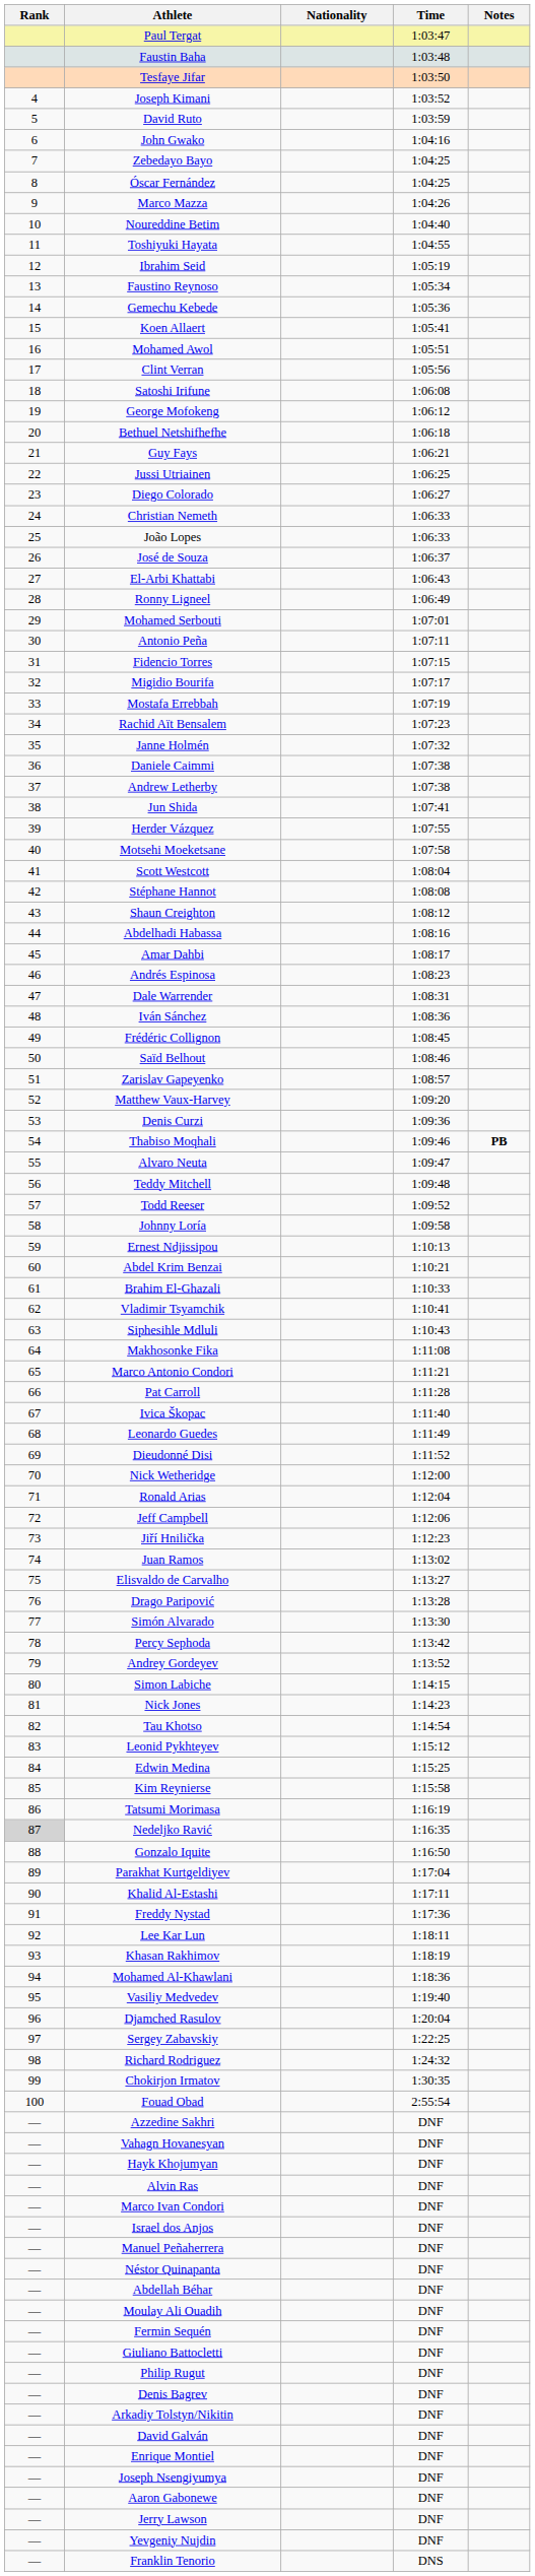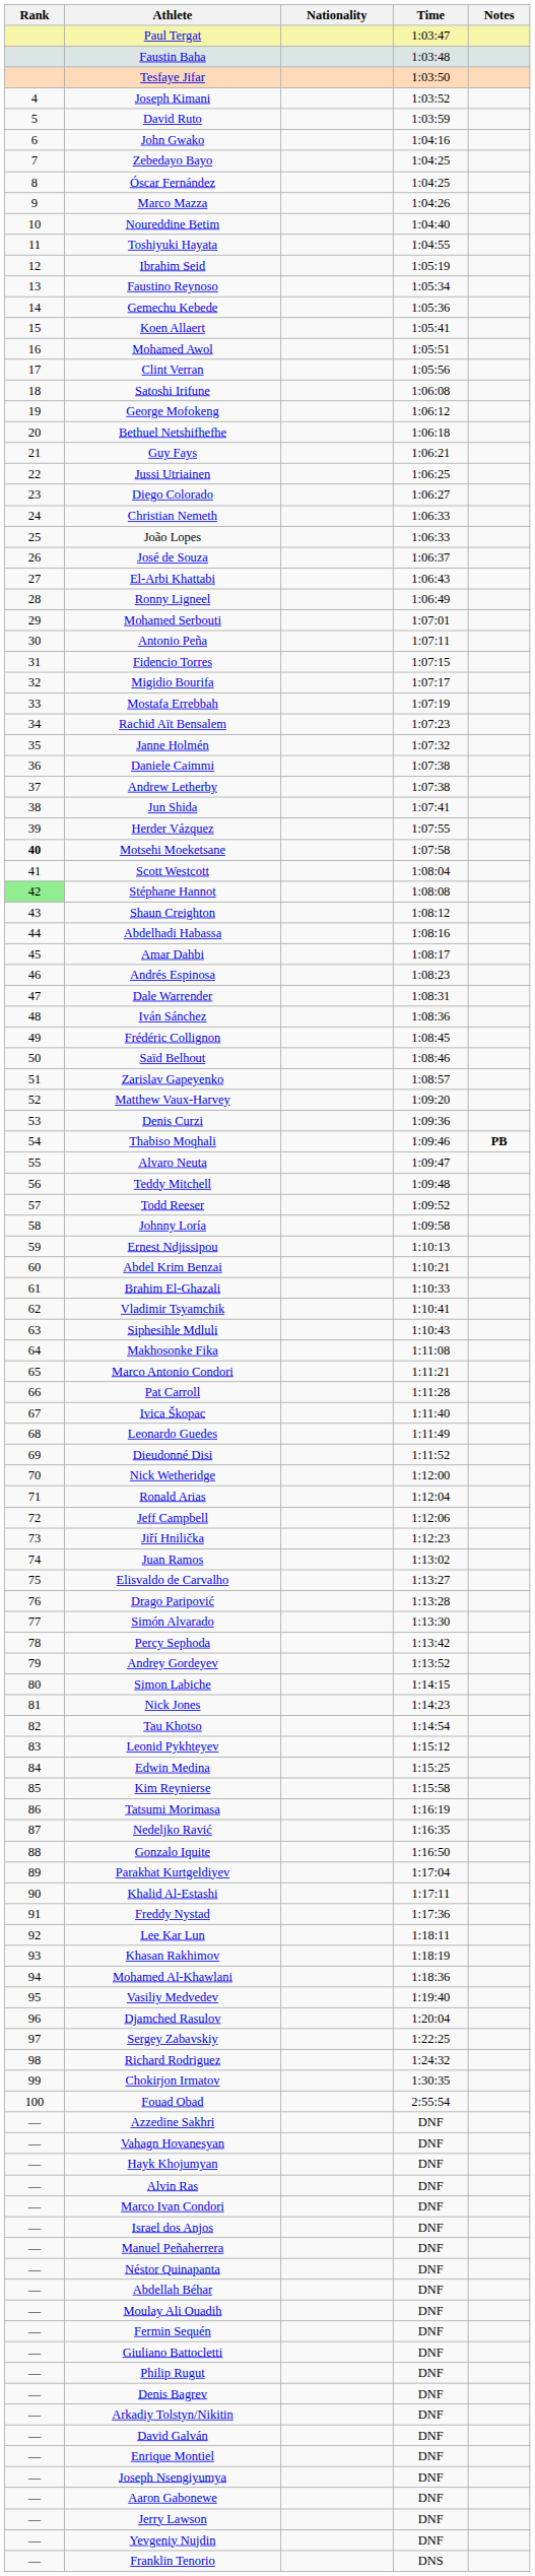 <table class="wikitable sortable" style=" text-align:center; font-size:95%;" width="50%">
 <tr>
 <th>Rank</th>
 <th>Athlete</th>
 <th>Nationality</th>
 <th>Time</th>
 <th>Notes</th>
 </tr>
 <tr bgcolor="#F7F6A8">
 <td align=center></td>
 <td><a href='#'>Paul Tergat</a></td>
 <td></td>
 <td>1:03:47</td>
 <td></td>
 </tr>
 <tr bgcolor="#DCE5E5">
 <td align=center></td>
 <td><a href='#'>Faustin Baha</a></td>
 <td></td>
 <td>1:03:48</td>
 <td></td>
 </tr>
 <tr bgcolor="#FFDAB9">
 <td align=center></td>
 <td><a href='#'>Tesfaye Jifar</a></td>
 <td></td>
 <td>1:03:50</td>
 <td></td>
 </tr>
 <tr>
 <td align=center>4</td>
 <td><a href='#'>Joseph Kimani</a></td>
 <td></td>
 <td>1:03:52</td>
 <td></td>
 </tr>
 <tr>
 <td align=center>5</td>
 <td><a href='#'>David Ruto</a></td>
 <td></td>
 <td>1:03:59</td>
 <td></td>
 </tr>
 <tr>
 <td align=center>6</td>
 <td><a href='#'>John Gwako</a></td>
 <td></td>
 <td>1:04:16</td>
 <td></td>
 </tr>
 <tr>
 <td align=center>7</td>
 <td><a href='#'>Zebedayo Bayo</a></td>
 <td></td>
 <td>1:04:25</td>
 <td></td>
 </tr>
 <tr>
 <td align=center>8</td>
 <td><a href='#'>Óscar Fernández</a></td>
 <td></td>
 <td>1:04:25</td>
 <td></td>
 </tr>
 <tr>
 <td align=center>9</td>
 <td><a href='#'>Marco Mazza</a></td>
 <td></td>
 <td>1:04:26</td>
 <td></td>
 </tr>
 <tr>
 <td align=center>10</td>
 <td><a href='#'>Noureddine Betim</a></td>
 <td></td>
 <td>1:04:40</td>
 <td></td>
 </tr>
 <tr>
 <td align=center>11</td>
 <td><a href='#'>Toshiyuki Hayata</a></td>
 <td></td>
 <td>1:04:55</td>
 <td></td>
 </tr>
 <tr>
 <td align=center>12</td>
 <td><a href='#'>Ibrahim Seid</a></td>
 <td></td>
 <td>1:05:19</td>
 <td></td>
 </tr>
 <tr>
 <td align=center>13</td>
 <td><a href='#'>Faustino Reynoso</a></td>
 <td></td>
 <td>1:05:34</td>
 <td></td>
 </tr>
 <tr>
 <td align=center>14</td>
 <td><a href='#'>Gemechu Kebede</a></td>
 <td></td>
 <td>1:05:36</td>
 <td></td>
 </tr>
 <tr>
 <td align=center>15</td>
 <td><a href='#'>Koen Allaert</a></td>
 <td></td>
 <td>1:05:41</td>
 <td></td>
 </tr>
 <tr>
 <td align=center>16</td>
 <td><a href='#'>Mohamed Awol</a></td>
 <td></td>
 <td>1:05:51</td>
 <td></td>
 </tr>
 <tr>
 <td align=center>17</td>
 <td><a href='#'>Clint Verran</a></td>
 <td></td>
 <td>1:05:56</td>
 <td></td>
 </tr>
 <tr>
 <td align=center>18</td>
 <td><a href='#'>Satoshi Irifune</a></td>
 <td></td>
 <td>1:06:08</td>
 <td></td>
 </tr>
 <tr>
 <td align=center>19</td>
 <td><a href='#'>George Mofokeng</a></td>
 <td></td>
 <td>1:06:12</td>
 <td></td>
 </tr>
 <tr>
 <td align=center>20</td>
 <td><a href='#'>Bethuel Netshifhefhe</a></td>
 <td></td>
 <td>1:06:18</td>
 <td></td>
 </tr>
 <tr>
 <td align=center>21</td>
 <td><a href='#'>Guy Fays</a></td>
 <td></td>
 <td>1:06:21</td>
 <td></td>
 </tr>
 <tr>
 <td align=center>22</td>
 <td><a href='#'>Jussi Utriainen</a></td>
 <td></td>
 <td>1:06:25</td>
 <td></td>
 </tr>
 <tr>
 <td align=center>23</td>
 <td><a href='#'>Diego Colorado</a></td>
 <td></td>
 <td>1:06:27</td>
 <td></td>
 </tr>
 <tr>
 <td align=center>24</td>
 <td><a href='#'>Christian Nemeth</a></td>
 <td></td>
 <td>1:06:33</td>
 <td></td>
 </tr>
 <tr>
 <td align=center>25</td>
 <td>João Lopes</td>
 <td></td>
 <td>1:06:33</td>
 <td></td>
 </tr>
 <tr>
 <td align=center>26</td>
 <td><a href='#'>José de Souza</a></td>
 <td></td>
 <td>1:06:37</td>
 <td></td>
 </tr>
 <tr>
 <td align=center>27</td>
 <td><a href='#'>El-Arbi Khattabi</a></td>
 <td></td>
 <td>1:06:43</td>
 <td></td>
 </tr>
 <tr>
 <td align=center>28</td>
 <td><a href='#'>Ronny Ligneel</a></td>
 <td></td>
 <td>1:06:49</td>
 <td></td>
 </tr>
 <tr>
 <td align=center>29</td>
 <td><a href='#'>Mohamed Serbouti</a></td>
 <td></td>
 <td>1:07:01</td>
 <td></td>
 </tr>
 <tr>
 <td align=center>30</td>
 <td><a href='#'>Antonio Peña</a></td>
 <td></td>
 <td>1:07:11</td>
 <td></td>
 </tr>
 <tr>
 <td align=center>31</td>
 <td><a href='#'>Fidencio Torres</a></td>
 <td></td>
 <td>1:07:15</td>
 <td></td>
 </tr>
 <tr>
 <td align=center>32</td>
 <td><a href='#'>Migidio Bourifa</a></td>
 <td></td>
 <td>1:07:17</td>
 <td></td>
 </tr>
 <tr>
 <td align=center>33</td>
 <td><a href='#'>Mostafa Errebbah</a></td>
 <td></td>
 <td>1:07:19</td>
 <td></td>
 </tr>
 <tr>
 <td align=center>34</td>
 <td><a href='#'>Rachid Aït Bensalem</a></td>
 <td></td>
 <td>1:07:23</td>
 <td></td>
 </tr>
 <tr>
 <td align=center>35</td>
 <td><a href='#'>Janne Holmén</a></td>
 <td></td>
 <td>1:07:32</td>
 <td></td>
 </tr>
 <tr>
 <td align=center>36</td>
 <td><a href='#'>Daniele Caimmi</a></td>
 <td></td>
 <td>1:07:38</td>
 <td></td>
 </tr>
 <tr>
 <td align=center>37</td>
 <td><a href='#'>Andrew Letherby</a></td>
 <td></td>
 <td>1:07:38</td>
 <td></td>
 </tr>
 <tr>
 <td align=center>38</td>
 <td><a href='#'>Jun Shida</a></td>
 <td></td>
 <td>1:07:41</td>
 <td></td>
 </tr>
 <tr>
 <td align=center>39</td>
 <td><a href='#'>Herder Vázquez</a></td>
 <td></td>
 <td>1:07:55</td>
 <td></td>
 </tr>
 <tr>
-<td align=center>40</td>
+<td align=center><strong>40</strong></td>
 <td><a href='#'>Motsehi Moeketsane</a></td>
 <td></td>
 <td>1:07:58</td>
 <td></td>
 </tr>
 <tr>
 <td align=center>41</td>
 <td><a href='#'>Scott Westcott</a></td>
 <td></td>
 <td>1:08:04</td>
 <td></td>
 </tr>
 <tr>
-<td align=center>42</td>
+<td align=center style="background: lightgreen;">42</td>
 <td><a href='#'>Stéphane Hannot</a></td>
 <td></td>
 <td>1:08:08</td>
 <td></td>
 </tr>
 <tr>
 <td align=center>43</td>
 <td><a href='#'>Shaun Creighton</a></td>
 <td></td>
 <td>1:08:12</td>
 <td></td>
 </tr>
 <tr>
 <td align=center>44</td>
 <td><a href='#'>Abdelhadi Habassa</a></td>
 <td></td>
 <td>1:08:16</td>
 <td></td>
 </tr>
 <tr>
 <td align=center>45</td>
 <td><a href='#'>Amar Dahbi</a></td>
 <td></td>
 <td>1:08:17</td>
 <td></td>
 </tr>
 <tr>
 <td align=center>46</td>
 <td><a href='#'>Andrés Espinosa</a></td>
 <td></td>
 <td>1:08:23</td>
 <td></td>
 </tr>
 <tr>
 <td align=center>47</td>
 <td><a href='#'>Dale Warrender</a></td>
 <td></td>
 <td>1:08:31</td>
 <td></td>
 </tr>
 <tr>
 <td align=center>48</td>
 <td><a href='#'>Iván Sánchez</a></td>
 <td></td>
 <td>1:08:36</td>
 <td></td>
 </tr>
 <tr>
 <td align=center>49</td>
 <td><a href='#'>Frédéric Collignon</a></td>
 <td></td>
 <td>1:08:45</td>
 <td></td>
 </tr>
 <tr>
 <td align=center>50</td>
 <td><a href='#'>Saïd Belhout</a></td>
 <td></td>
 <td>1:08:46</td>
 <td></td>
 </tr>
 <tr>
 <td align=center>51</td>
 <td><a href='#'>Zarislav Gapeyenko</a></td>
 <td></td>
 <td>1:08:57</td>
 <td></td>
 </tr>
 <tr>
 <td align=center>52</td>
 <td><a href='#'>Matthew Vaux-Harvey</a></td>
 <td></td>
 <td>1:09:20</td>
 <td></td>
 </tr>
 <tr>
 <td align=center>53</td>
 <td><a href='#'>Denis Curzi</a></td>
 <td></td>
 <td>1:09:36</td>
 <td></td>
 </tr>
 <tr>
 <td align=center>54</td>
 <td><a href='#'>Thabiso Moqhali</a></td>
 <td></td>
 <td>1:09:46</td>
 <td><strong>PB</strong></td>
 </tr>
 <tr>
 <td align=center>55</td>
 <td><a href='#'>Alvaro Neuta</a></td>
 <td></td>
 <td>1:09:47</td>
 <td></td>
 </tr>
 <tr>
 <td align=center>56</td>
 <td><a href='#'>Teddy Mitchell</a></td>
 <td></td>
 <td>1:09:48</td>
 <td></td>
 </tr>
 <tr>
 <td align=center>57</td>
 <td><a href='#'>Todd Reeser</a></td>
 <td></td>
 <td>1:09:52</td>
 <td></td>
 </tr>
 <tr>
 <td align=center>58</td>
 <td><a href='#'>Johnny Loría</a></td>
 <td></td>
 <td>1:09:58</td>
 <td></td>
 </tr>
 <tr>
 <td align=center>59</td>
 <td><a href='#'>Ernest Ndjissipou</a></td>
 <td></td>
 <td>1:10:13</td>
 <td></td>
 </tr>
 <tr>
 <td align=center>60</td>
 <td><a href='#'>Abdel Krim Benzai</a></td>
 <td></td>
 <td>1:10:21</td>
 <td></td>
 </tr>
 <tr>
 <td align=center>61</td>
 <td><a href='#'>Brahim El-Ghazali</a></td>
 <td></td>
 <td>1:10:33</td>
 <td></td>
 </tr>
 <tr>
 <td align=center>62</td>
 <td><a href='#'>Vladimir Tsyamchik</a></td>
 <td></td>
 <td>1:10:41</td>
 <td></td>
 </tr>
 <tr>
 <td align=center>63</td>
 <td><a href='#'>Siphesihle Mdluli</a></td>
 <td></td>
 <td>1:10:43</td>
 <td></td>
 </tr>
 <tr>
 <td align=center>64</td>
 <td><a href='#'>Makhosonke Fika</a></td>
 <td></td>
 <td>1:11:08</td>
 <td></td>
 </tr>
 <tr>
 <td align=center>65</td>
 <td><a href='#'>Marco Antonio Condori</a></td>
 <td></td>
 <td>1:11:21</td>
 <td></td>
 </tr>
 <tr>
 <td align=center>66</td>
 <td><a href='#'>Pat Carroll</a></td>
 <td></td>
 <td>1:11:28</td>
 <td></td>
 </tr>
 <tr>
 <td align=center>67</td>
 <td><a href='#'>Ivica Škopac</a></td>
 <td></td>
 <td>1:11:40</td>
 <td></td>
 </tr>
 <tr>
 <td align=center>68</td>
 <td><a href='#'>Leonardo Guedes</a></td>
 <td></td>
 <td>1:11:49</td>
 <td></td>
 </tr>
 <tr>
 <td align=center>69</td>
 <td><a href='#'>Dieudonné Disi</a></td>
 <td></td>
 <td>1:11:52</td>
 <td></td>
 </tr>
 <tr>
 <td align=center>70</td>
 <td><a href='#'>Nick Wetheridge</a></td>
 <td></td>
 <td>1:12:00</td>
 <td></td>
 </tr>
 <tr>
 <td align=center>71</td>
 <td><a href='#'>Ronald Arias</a></td>
 <td></td>
 <td>1:12:04</td>
 <td></td>
 </tr>
 <tr>
 <td align=center>72</td>
 <td><a href='#'>Jeff Campbell</a></td>
 <td></td>
 <td>1:12:06</td>
 <td></td>
 </tr>
 <tr>
 <td align=center>73</td>
 <td><a href='#'>Jiří Hnilička</a></td>
 <td></td>
 <td>1:12:23</td>
 <td></td>
 </tr>
 <tr>
 <td align=center>74</td>
 <td><a href='#'>Juan Ramos</a></td>
 <td></td>
 <td>1:13:02</td>
 <td></td>
 </tr>
 <tr>
 <td align=center>75</td>
 <td><a href='#'>Elisvaldo de Carvalho</a></td>
 <td></td>
 <td>1:13:27</td>
 <td></td>
 </tr>
 <tr>
 <td align=center>76</td>
 <td><a href='#'>Drago Paripović</a></td>
 <td></td>
 <td>1:13:28</td>
 <td></td>
 </tr>
 <tr>
 <td align=center>77</td>
 <td><a href='#'>Simón Alvarado</a></td>
 <td></td>
 <td>1:13:30</td>
 <td></td>
 </tr>
 <tr>
 <td align=center>78</td>
 <td><a href='#'>Percy Sephoda</a></td>
 <td></td>
 <td>1:13:42</td>
 <td></td>
 </tr>
 <tr>
 <td align=center>79</td>
 <td><a href='#'>Andrey Gordeyev</a></td>
 <td></td>
 <td>1:13:52</td>
 <td></td>
 </tr>
 <tr>
 <td align=center>80</td>
 <td><a href='#'>Simon Labiche</a></td>
 <td></td>
 <td>1:14:15</td>
 <td></td>
 </tr>
 <tr>
 <td align=center>81</td>
 <td><a href='#'>Nick Jones</a></td>
 <td></td>
 <td>1:14:23</td>
 <td></td>
 </tr>
 <tr>
 <td align=center>82</td>
 <td><a href='#'>Tau Khotso</a></td>
 <td></td>
 <td>1:14:54</td>
 <td></td>
 </tr>
 <tr>
 <td align=center>83</td>
 <td><a href='#'>Leonid Pykhteyev</a></td>
 <td></td>
 <td>1:15:12</td>
 <td></td>
 </tr>
 <tr>
 <td align=center>84</td>
 <td><a href='#'>Edwin Medina</a></td>
 <td></td>
 <td>1:15:25</td>
 <td></td>
 </tr>
 <tr>
 <td align=center>85</td>
 <td><a href='#'>Kim Reynierse</a></td>
 <td></td>
 <td>1:15:58</td>
 <td></td>
 </tr>
 <tr>
 <td align=center>86</td>
 <td><a href='#'>Tatsumi Morimasa</a></td>
 <td></td>
 <td>1:16:19</td>
 <td></td>
 </tr>
 <tr>
-<td align=center style="background: lightgrey;">87</td>
+<td align=center>87</td>
 <td><a href='#'>Nedeljko Ravić</a></td>
 <td></td>
 <td>1:16:35</td>
 <td></td>
 </tr>
 <tr>
 <td align=center>88</td>
 <td><a href='#'>Gonzalo Iquite</a></td>
 <td></td>
 <td>1:16:50</td>
 <td></td>
 </tr>
 <tr>
 <td align=center>89</td>
 <td><a href='#'>Parakhat Kurtgeldiyev</a></td>
 <td></td>
 <td>1:17:04</td>
 <td></td>
 </tr>
 <tr>
 <td align=center>90</td>
 <td><a href='#'>Khalid Al-Estashi</a></td>
 <td></td>
 <td>1:17:11</td>
 <td></td>
 </tr>
 <tr>
 <td align=center>91</td>
 <td><a href='#'>Freddy Nystad</a></td>
 <td></td>
 <td>1:17:36</td>
 <td></td>
 </tr>
 <tr>
 <td align=center>92</td>
 <td><a href='#'>Lee Kar Lun</a></td>
 <td></td>
 <td>1:18:11</td>
 <td></td>
 </tr>
 <tr>
 <td align=center>93</td>
 <td><a href='#'>Khasan Rakhimov</a></td>
 <td></td>
 <td>1:18:19</td>
 <td></td>
 </tr>
 <tr>
 <td align=center>94</td>
 <td><a href='#'>Mohamed Al-Khawlani</a></td>
 <td></td>
 <td>1:18:36</td>
 <td></td>
 </tr>
 <tr>
 <td align=center>95</td>
 <td><a href='#'>Vasiliy Medvedev</a></td>
 <td></td>
 <td>1:19:40</td>
 <td></td>
 </tr>
 <tr>
 <td align=center>96</td>
 <td><a href='#'>Djamched Rasulov</a></td>
 <td></td>
 <td>1:20:04</td>
 <td></td>
 </tr>
 <tr>
 <td align=center>97</td>
 <td><a href='#'>Sergey Zabavskiy</a></td>
 <td></td>
 <td>1:22:25</td>
 <td></td>
 </tr>
 <tr>
 <td align=center>98</td>
 <td><a href='#'>Richard Rodriguez</a></td>
 <td></td>
 <td>1:24:32</td>
 <td></td>
 </tr>
 <tr>
 <td align=center>99</td>
 <td><a href='#'>Chokirjon Irmatov</a></td>
 <td></td>
 <td>1:30:35</td>
 <td></td>
 </tr>
 <tr>
 <td align=center>100</td>
 <td><a href='#'>Fouad Obad</a></td>
 <td></td>
 <td>2:55:54</td>
 </tr>
 <tr>
 <td align=center>—</td>
 <td><a href='#'>Azzedine Sakhri</a></td>
 <td></td>
 <td>DNF</td>
 <td></td>
 </tr>
 <tr>
 <td align=center>—</td>
 <td><a href='#'>Vahagn Hovanesyan</a></td>
 <td></td>
 <td>DNF</td>
 <td></td>
 </tr>
 <tr>
 <td align=center>—</td>
 <td><a href='#'>Hayk Khojumyan</a></td>
 <td></td>
 <td>DNF</td>
 <td></td>
 </tr>
 <tr>
 <td align=center>—</td>
 <td><a href='#'>Alvin Ras</a></td>
 <td></td>
 <td>DNF</td>
 <td></td>
 </tr>
 <tr>
 <td align=center>—</td>
 <td><a href='#'>Marco Ivan Condori</a></td>
 <td></td>
 <td>DNF</td>
 <td></td>
 </tr>
 <tr>
 <td align=center>—</td>
 <td><a href='#'>Israel dos Anjos</a></td>
 <td></td>
 <td>DNF</td>
 <td></td>
 </tr>
 <tr>
 <td align=center>—</td>
 <td><a href='#'>Manuel Peñaherrera</a></td>
 <td></td>
 <td>DNF</td>
 <td></td>
 </tr>
 <tr>
 <td align=center>—</td>
 <td><a href='#'>Néstor Quinapanta</a></td>
 <td></td>
 <td>DNF</td>
 <td></td>
 </tr>
 <tr>
 <td align=center>—</td>
 <td><a href='#'>Abdellah Béhar</a></td>
 <td></td>
 <td>DNF</td>
 <td></td>
 </tr>
 <tr>
 <td align=center>—</td>
 <td><a href='#'>Moulay Ali Ouadih</a></td>
 <td></td>
 <td>DNF</td>
 <td></td>
 </tr>
 <tr>
 <td align=center>—</td>
 <td><a href='#'>Fermin Sequén</a></td>
 <td></td>
 <td>DNF</td>
 <td></td>
 </tr>
 <tr>
 <td align=center>—</td>
 <td><a href='#'>Giuliano Battocletti</a></td>
 <td></td>
 <td>DNF</td>
 <td></td>
 </tr>
 <tr>
 <td align=center>—</td>
 <td><a href='#'>Philip Rugut</a></td>
 <td></td>
 <td>DNF</td>
 <td></td>
 </tr>
 <tr>
 <td align=center>—</td>
 <td><a href='#'>Denis Bagrev</a></td>
 <td></td>
 <td>DNF</td>
 <td></td>
 </tr>
 <tr>
 <td align=center>—</td>
 <td><a href='#'>Arkadiy Tolstyn/Nikitin</a></td>
 <td></td>
 <td>DNF</td>
 <td></td>
 </tr>
 <tr>
 <td align=center>—</td>
 <td><a href='#'>David Galván</a></td>
 <td></td>
 <td>DNF</td>
 <td></td>
 </tr>
 <tr>
 <td align=center>—</td>
 <td><a href='#'>Enrique Montiel</a></td>
 <td></td>
 <td>DNF</td>
 <td></td>
 </tr>
 <tr>
 <td align=center>—</td>
 <td><a href='#'>Joseph Nsengiyumya</a></td>
 <td></td>
 <td>DNF</td>
 <td></td>
 </tr>
 <tr>
 <td align=center>—</td>
 <td><a href='#'>Aaron Gabonewe</a></td>
 <td></td>
 <td>DNF</td>
 <td></td>
 </tr>
 <tr>
 <td align=center>—</td>
 <td><a href='#'>Jerry Lawson</a></td>
 <td></td>
 <td>DNF</td>
 <td></td>
 </tr>
 <tr>
 <td align=center>—</td>
 <td><a href='#'>Yevgeniy Nujdin</a></td>
 <td></td>
 <td>DNF</td>
 <td></td>
 </tr>
 <tr>
 <td align=center>—</td>
 <td><a href='#'>Franklin Tenorio</a></td>
 <td></td>
 <td>DNS</td>
 <td></td>
 </tr>
 </table>
